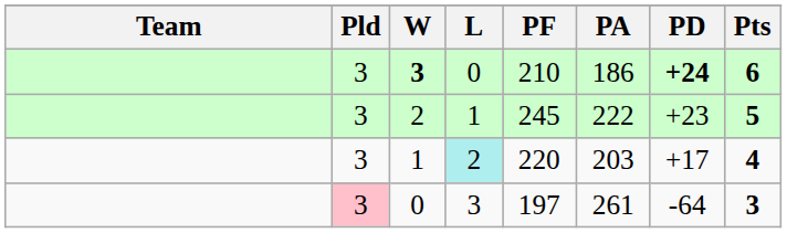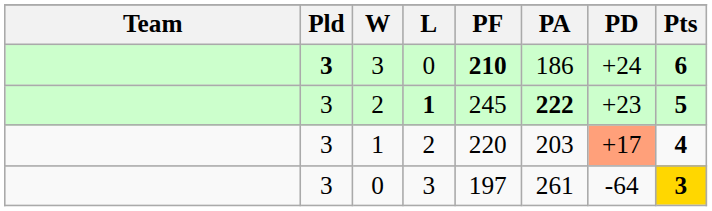 <table class=wikitable>
 <tr align=center>
 </tr>
 <tr>
 <th width=180>Team</th>
 <th width=25>Pld</th>
 <th width=25>W</th>
 <th width=25>L</th>
 <th width=35>PF</th>
 <th width=35>PA</th>
 <th width=35>PD</th>
 <th width=25>Pts</th>
 </tr>
 <tr align=center bgcolor="#ccffcc">
 <td align=left></td>
+<td><strong>3</strong></td>
 <td>3</td>
-<td><strong>3</strong></td>
 <td>0</td>
-<td>210</td>
+<td><strong>210</strong></td>
 <td>186</td>
-<td><strong>+24</strong></td>
+<td>+24</td>
 <td><strong>6</strong></td>
 </tr>
 <tr align=center bgcolor="#ccffcc">
 <td align=left></td>
 <td>3</td>
 <td>2</td>
-<td>1</td>
+<td><strong>1</strong></td>
 <td>245</td>
-<td>222</td>
+<td><strong>222</strong></td>
 <td>+23</td>
 <td><strong>5</strong></td>
 </tr>
 <tr align=center>
 <td align=left></td>
 <td>3</td>
 <td>1</td>
-<td style="background: paleturquoise;">2</td>
+<td>2</td>
 <td>220</td>
 <td>203</td>
-<td>+17</td>
+<td style="background: lightsalmon;">+17</td>
 <td><strong>4</strong></td>
 </tr>
 <tr align=center>
 <td align=left></td>
-<td style="background: pink;">3</td>
+<td>3</td>
 <td>0</td>
 <td>3</td>
 <td>197</td>
 <td>261</td>
 <td>-64</td>
-<td><strong>3</strong></td>
+<td style="background: gold;"><strong>3</strong></td>
 </tr>
 </table>
